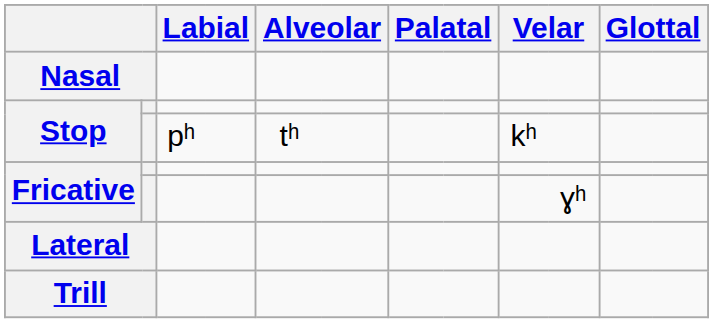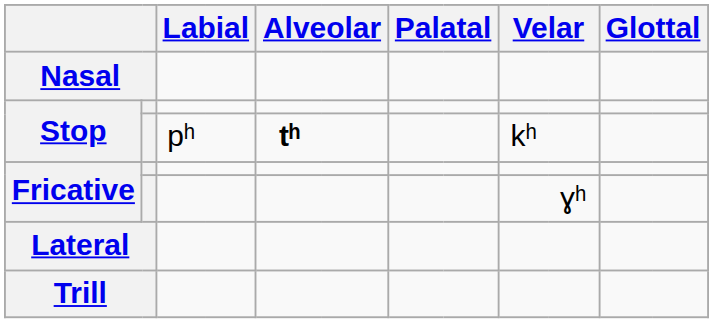 <table class="wikitable" style=text-align:center>
 <tr>
 <th colspan="2"></th>
 <th colspan="2"><a href='#'>Labial</a></th>
 <th colspan="2"><a href='#'>Alveolar</a></th>
 <th colspan="2"><a href='#'>Palatal</a></th>
 <th colspan="2"><a href='#'>Velar</a></th>
 <th colspan="2"><a href='#'>Glottal</a></th>
 </tr>
 <tr>
 <th colspan="2"><a href='#'>Nasal</a></th>
 <td width=20px style="border-right: 0;"></td>
 <td width=20px style="border-left: 0;"></td>
 <td width=20px style="border-right: 0;"></td>
 <td width=20px style="border-left: 0;"></td>
 <td width=20px style="border-right: 0;"></td>
 <td width=20px style="border-left: 0;"></td>
 <td width=20px style="border-right: 0;"></td>
 <td width=20px style="border-left: 0;"></td>
 <td colspan="2"></td>
 </tr>
 <tr>
 <th rowspan="2"><a href='#'>Stop</a></th>
 <th></th>
 <td style="border-right: 0;"></td>
 <td style="border-left: 0;"></td>
 <td style="border-right: 0;"></td>
 <td style="border-left: 0;"></td>
 <td style="border-right: 0;"></td>
 <td style="border-left: 0;"></td>
 <td style="border-right: 0;"></td>
 <td style="border-left: 0;"></td>
 <td width=20px style="border-right: 0;"></td>
 <td width=20px style="border-left: 0;"></td>
 </tr>
 <tr>
 <th></th>
 <td style="border-right: 0;">pʰ</td>
 <td style="border-left: 0;"></td>
-<td style="border-right: 0;">tʰ</td>
+<td style="border-right: 0;"><strong>tʰ</strong></td>
 <td style="border-left: 0;"></td>
 <td colspan="2"></td>
 <td style="border-right: 0;">kʰ</td>
 <td style="border-left: 0;"></td>
 <td colspan="2"></td>
 </tr>
 <tr>
 <th rowspan="2"><a href='#'>Fricative</a></th>
 <th></th>
 <td style="border-right: 0;"></td>
 <td style="border-left: 0;"></td>
 <td style="border-right: 0;"></td>
 <td style="border-left: 0;"></td>
 <td colspan="2"></td>
 <td style="border-right: 0;"></td>
 <td style="border-left: 0;"></td>
 <td style="border-right: 0;"></td>
 <td style="border-left: 0;"></td>
 </tr>
 <tr>
 <th></th>
 <td colspan="2"></td>
 <td colspan="2"></td>
 <td colspan="2"></td>
 <td style="border-right: 0;"></td>
 <td style="border-left: 0;">ɣʰ</td>
 <td colspan="2"></td>
 </tr>
 <tr>
 <th colspan="2"><a href='#'>Lateral</a></th>
 <td colspan="2"></td>
 <td style="border-right: 0;"></td>
 <td style="border-left: 0;"></td>
 <td colspan="2"></td>
 <td colspan="2"></td>
 <td colspan="2"></td>
 </tr>
 <tr>
 <th colspan="2"><a href='#'>Trill</a></th>
 <td colspan="2"></td>
 <td style="border-right: 0;"></td>
 <td style="border-left: 0;"></td>
 <td colspan="2"></td>
 <td colspan="2"></td>
 <td colspan="2"></td>
 </tr>
 </table>
